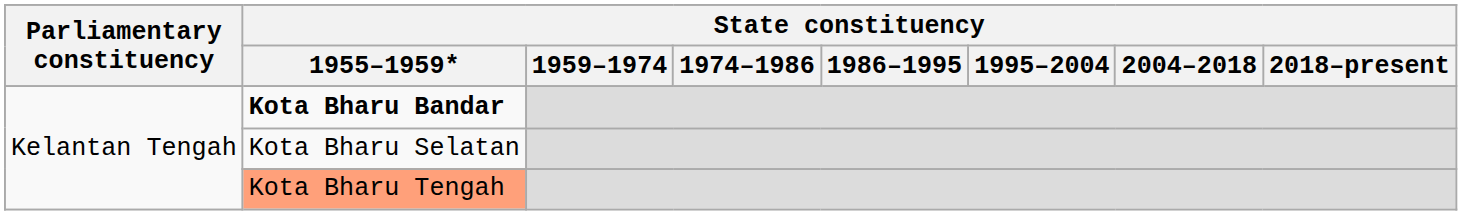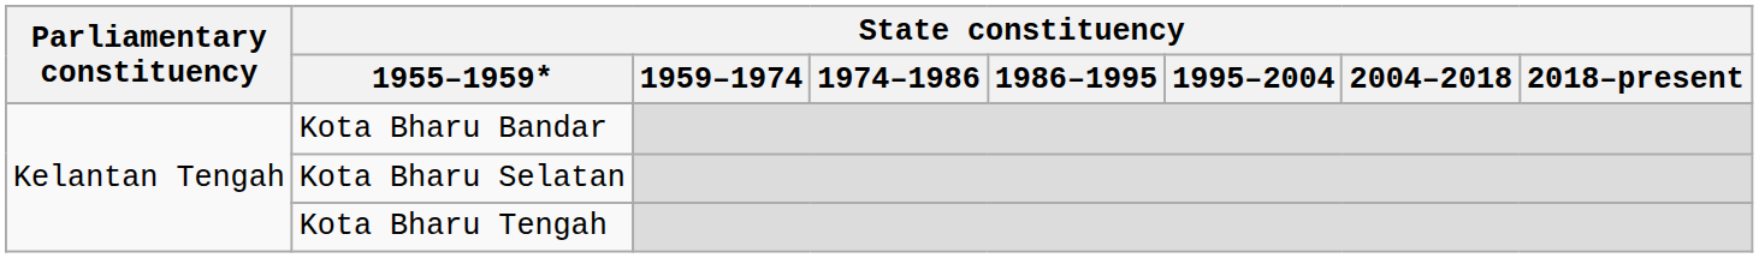 <table class="wikitable">
 <tr>
 <th rowspan="2">Parliamentary<br>constituency</th>
 <th colspan="7">State constituency</th>
 </tr>
 <tr>
 <th>1955–1959*</th>
 <th>1959–1974</th>
 <th>1974–1986</th>
 <th>1986–1995</th>
 <th>1995–2004</th>
 <th>2004–2018</th>
 <th>2018–present</th>
 </tr>
 <tr>
 <td rowspan="3">Kelantan Tengah</td>
-<td><strong>Kota Bharu Bandar</strong></td>
+<td>Kota Bharu Bandar</td>
 <td colspan="6" bgcolor="dcdcdc"></td>
 </tr>
 <tr>
 <td>Kota Bharu Selatan</td>
 <td colspan="6" bgcolor="dcdcdc"></td>
 </tr>
 <tr>
-<td style="background: lightsalmon;">Kota Bharu Tengah</td>
+<td>Kota Bharu Tengah</td>
 <td colspan="6" bgcolor="dcdcdc"></td>
 </tr>
 </table>
